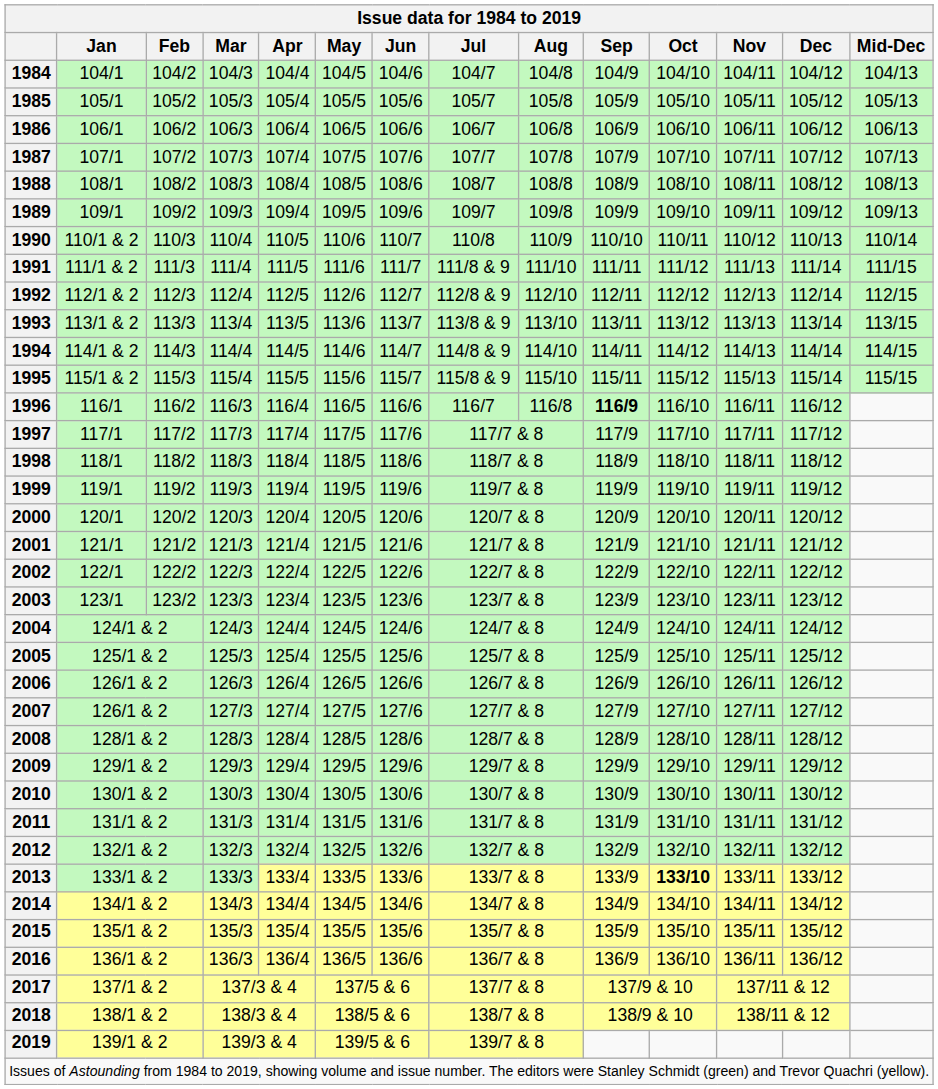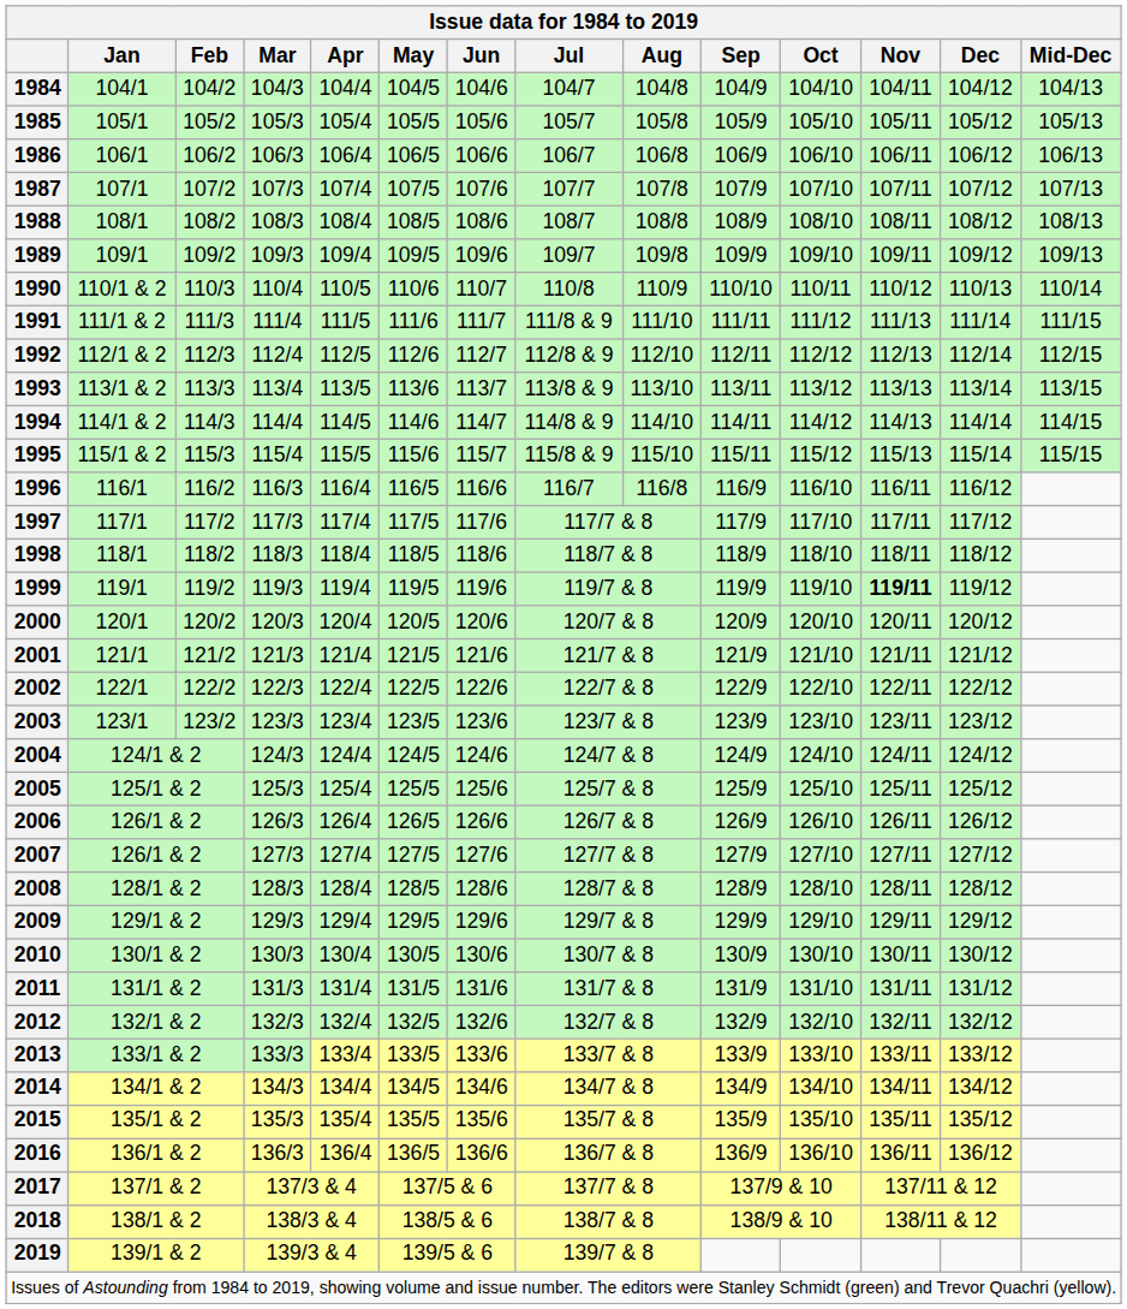 <table class="wikitable collapsible collapsed" style="font-size: 10pt; line-height: 11pt; margin-left: 2em; text-align: center; float: right">
 <tr>
 <th colspan="14">Issue data for 1984 to 2019</th>
 </tr>
 <tr>
 <th></th>
 <th>Jan</th>
 <th>Feb</th>
 <th>Mar</th>
 <th>Apr</th>
 <th>May</th>
 <th>Jun</th>
 <th>Jul</th>
 <th>Aug</th>
 <th>Sep</th>
 <th>Oct</th>
 <th>Nov</th>
 <th>Dec</th>
 <th>Mid-Dec</th>
 </tr>
 <tr>
 <th>1984</th>
 <td style="background:#c3f9bf;">104/1</td>
 <td style="background:#c3f9bf;">104/2</td>
 <td style="background:#c3f9bf;">104/3</td>
 <td style="background:#c3f9bf;">104/4</td>
 <td style="background:#c3f9bf;">104/5</td>
 <td style="background:#c3f9bf;">104/6</td>
 <td style="background:#c3f9bf;">104/7</td>
 <td style="background:#c3f9bf;">104/8</td>
 <td style="background:#c3f9bf;">104/9</td>
 <td style="background:#c3f9bf;">104/10</td>
 <td style="background:#c3f9bf;">104/11</td>
 <td style="background:#c3f9bf;">104/12</td>
 <td style="background:#c3f9bf;">104/13</td>
 </tr>
 <tr>
 <th>1985</th>
 <td style="background:#c3f9bf;">105/1</td>
 <td style="background:#c3f9bf;">105/2</td>
 <td style="background:#c3f9bf;">105/3</td>
 <td style="background:#c3f9bf;">105/4</td>
 <td style="background:#c3f9bf;">105/5</td>
 <td style="background:#c3f9bf;">105/6</td>
 <td style="background:#c3f9bf;">105/7</td>
 <td style="background:#c3f9bf;">105/8</td>
 <td style="background:#c3f9bf;">105/9</td>
 <td style="background:#c3f9bf;">105/10</td>
 <td style="background:#c3f9bf;">105/11</td>
 <td style="background:#c3f9bf;">105/12</td>
 <td style="background:#c3f9bf;">105/13</td>
 </tr>
 <tr>
 <th>1986</th>
 <td style="background:#c3f9bf;">106/1</td>
 <td style="background:#c3f9bf;">106/2</td>
 <td style="background:#c3f9bf;">106/3</td>
 <td style="background:#c3f9bf;">106/4</td>
 <td style="background:#c3f9bf;">106/5</td>
 <td style="background:#c3f9bf;">106/6</td>
 <td style="background:#c3f9bf;">106/7</td>
 <td style="background:#c3f9bf;">106/8</td>
 <td style="background:#c3f9bf;">106/9</td>
 <td style="background:#c3f9bf;">106/10</td>
 <td style="background:#c3f9bf;">106/11</td>
 <td style="background:#c3f9bf;">106/12</td>
 <td style="background:#c3f9bf;">106/13</td>
 </tr>
 <tr>
 <th>1987</th>
 <td style="background:#c3f9bf;">107/1</td>
 <td style="background:#c3f9bf;">107/2</td>
 <td style="background:#c3f9bf;">107/3</td>
 <td style="background:#c3f9bf;">107/4</td>
 <td style="background:#c3f9bf;">107/5</td>
 <td style="background:#c3f9bf;">107/6</td>
 <td style="background:#c3f9bf;">107/7</td>
 <td style="background:#c3f9bf;">107/8</td>
 <td style="background:#c3f9bf;">107/9</td>
 <td style="background:#c3f9bf;">107/10</td>
 <td style="background:#c3f9bf;">107/11</td>
 <td style="background:#c3f9bf;">107/12</td>
 <td style="background:#c3f9bf;">107/13</td>
 </tr>
 <tr>
 <th>1988</th>
 <td style="background:#c3f9bf;">108/1</td>
 <td style="background:#c3f9bf;">108/2</td>
 <td style="background:#c3f9bf;">108/3</td>
 <td style="background:#c3f9bf;">108/4</td>
 <td style="background:#c3f9bf;">108/5</td>
 <td style="background:#c3f9bf;">108/6</td>
 <td style="background:#c3f9bf;">108/7</td>
 <td style="background:#c3f9bf;">108/8</td>
 <td style="background:#c3f9bf;">108/9</td>
 <td style="background:#c3f9bf;">108/10</td>
 <td style="background:#c3f9bf;">108/11</td>
 <td style="background:#c3f9bf;">108/12</td>
 <td style="background:#c3f9bf;">108/13</td>
 </tr>
 <tr>
 <th>1989</th>
 <td style="background:#c3f9bf;">109/1</td>
 <td style="background:#c3f9bf;">109/2</td>
 <td style="background:#c3f9bf;">109/3</td>
 <td style="background:#c3f9bf;">109/4</td>
 <td style="background:#c3f9bf;">109/5</td>
 <td style="background:#c3f9bf;">109/6</td>
 <td style="background:#c3f9bf;">109/7</td>
 <td style="background:#c3f9bf;">109/8</td>
 <td style="background:#c3f9bf;">109/9</td>
 <td style="background:#c3f9bf;">109/10</td>
 <td style="background:#c3f9bf;">109/11</td>
 <td style="background:#c3f9bf;">109/12</td>
 <td style="background:#c3f9bf;">109/13</td>
 </tr>
 <tr>
 <th>1990</th>
 <td style="background:#c3f9bf;">110/1 & 2</td>
 <td style="background:#c3f9bf;">110/3</td>
 <td style="background:#c3f9bf;">110/4</td>
 <td style="background:#c3f9bf;">110/5</td>
 <td style="background:#c3f9bf;">110/6</td>
 <td style="background:#c3f9bf;">110/7</td>
 <td style="background:#c3f9bf;">110/8</td>
 <td style="background:#c3f9bf;">110/9</td>
 <td style="background:#c3f9bf;">110/10</td>
 <td style="background:#c3f9bf;">110/11</td>
 <td style="background:#c3f9bf;">110/12</td>
 <td style="background:#c3f9bf;">110/13</td>
 <td style="background:#c3f9bf;">110/14</td>
 </tr>
 <tr>
 <th>1991</th>
 <td style="background:#c3f9bf;">111/1 & 2</td>
 <td style="background:#c3f9bf;">111/3</td>
 <td style="background:#c3f9bf;">111/4</td>
 <td style="background:#c3f9bf;">111/5</td>
 <td style="background:#c3f9bf;">111/6</td>
 <td style="background:#c3f9bf;">111/7</td>
 <td style="background:#c3f9bf;">111/8 & 9</td>
 <td style="background:#c3f9bf;">111/10</td>
 <td style="background:#c3f9bf;">111/11</td>
 <td style="background:#c3f9bf;">111/12</td>
 <td style="background:#c3f9bf;">111/13</td>
 <td style="background:#c3f9bf;">111/14</td>
 <td style="background:#c3f9bf;">111/15</td>
 </tr>
 <tr>
 <th>1992</th>
 <td style="background:#c3f9bf;">112/1 & 2</td>
 <td style="background:#c3f9bf;">112/3</td>
 <td style="background:#c3f9bf;">112/4</td>
 <td style="background:#c3f9bf;">112/5</td>
 <td style="background:#c3f9bf;">112/6</td>
 <td style="background:#c3f9bf;">112/7</td>
 <td style="background:#c3f9bf;">112/8 & 9</td>
 <td style="background:#c3f9bf;">112/10</td>
 <td style="background:#c3f9bf;">112/11</td>
 <td style="background:#c3f9bf;">112/12</td>
 <td style="background:#c3f9bf;">112/13</td>
 <td style="background:#c3f9bf;">112/14</td>
 <td style="background:#c3f9bf;">112/15</td>
 </tr>
 <tr>
 <th>1993</th>
 <td style="background:#c3f9bf;">113/1 & 2</td>
 <td style="background:#c3f9bf;">113/3</td>
 <td style="background:#c3f9bf;">113/4</td>
 <td style="background:#c3f9bf;">113/5</td>
 <td style="background:#c3f9bf;">113/6</td>
 <td style="background:#c3f9bf;">113/7</td>
 <td style="background:#c3f9bf;">113/8 & 9</td>
 <td style="background:#c3f9bf;">113/10</td>
 <td style="background:#c3f9bf;">113/11</td>
 <td style="background:#c3f9bf;">113/12</td>
 <td style="background:#c3f9bf;">113/13</td>
 <td style="background:#c3f9bf;">113/14</td>
 <td style="background:#c3f9bf;">113/15</td>
 </tr>
 <tr>
 <th>1994</th>
 <td style="background:#c3f9bf;">114/1 & 2</td>
 <td style="background:#c3f9bf;">114/3</td>
 <td style="background:#c3f9bf;">114/4</td>
 <td style="background:#c3f9bf;">114/5</td>
 <td style="background:#c3f9bf;">114/6</td>
 <td style="background:#c3f9bf;">114/7</td>
 <td style="background:#c3f9bf;">114/8 & 9</td>
 <td style="background:#c3f9bf;">114/10</td>
 <td style="background:#c3f9bf;">114/11</td>
 <td style="background:#c3f9bf;">114/12</td>
 <td style="background:#c3f9bf;">114/13</td>
 <td style="background:#c3f9bf;">114/14</td>
 <td style="background:#c3f9bf;">114/15</td>
 </tr>
 <tr>
 <th>1995</th>
 <td style="background:#c3f9bf;">115/1 & 2</td>
 <td style="background:#c3f9bf;">115/3</td>
 <td style="background:#c3f9bf;">115/4</td>
 <td style="background:#c3f9bf;">115/5</td>
 <td style="background:#c3f9bf;">115/6</td>
 <td style="background:#c3f9bf;">115/7</td>
 <td style="background:#c3f9bf;">115/8 & 9</td>
 <td style="background:#c3f9bf;">115/10</td>
 <td style="background:#c3f9bf;">115/11</td>
 <td style="background:#c3f9bf;">115/12</td>
 <td style="background:#c3f9bf;">115/13</td>
 <td style="background:#c3f9bf;">115/14</td>
 <td style="background:#c3f9bf;">115/15</td>
 </tr>
 <tr>
 <th>1996</th>
 <td style="background:#c3f9bf;">116/1</td>
 <td style="background:#c3f9bf;">116/2</td>
 <td style="background:#c3f9bf;">116/3</td>
 <td style="background:#c3f9bf;">116/4</td>
 <td style="background:#c3f9bf;">116/5</td>
 <td style="background:#c3f9bf;">116/6</td>
 <td style="background:#c3f9bf;">116/7</td>
 <td style="background:#c3f9bf;">116/8</td>
-<td style="background:#c3f9bf;"><strong>116/9</strong></td>
+<td style="background:#c3f9bf;">116/9</td>
 <td style="background:#c3f9bf;">116/10</td>
 <td style="background:#c3f9bf;">116/11</td>
 <td style="background:#c3f9bf;">116/12</td>
 <td></td>
 </tr>
 <tr>
 <th>1997</th>
 <td style="background:#c3f9bf;">117/1</td>
 <td style="background:#c3f9bf;">117/2</td>
 <td style="background:#c3f9bf;">117/3</td>
 <td style="background:#c3f9bf;">117/4</td>
 <td style="background:#c3f9bf;">117/5</td>
 <td style="background:#c3f9bf;">117/6</td>
 <td colspan="2" style="background:#c3f9bf;">117/7 & 8</td>
 <td style="background:#c3f9bf;">117/9</td>
 <td style="background:#c3f9bf;">117/10</td>
 <td style="background:#c3f9bf;">117/11</td>
 <td style="background:#c3f9bf;">117/12</td>
 <td></td>
 </tr>
 <tr>
 <th>1998</th>
 <td style="background:#c3f9bf;">118/1</td>
 <td style="background:#c3f9bf;">118/2</td>
 <td style="background:#c3f9bf;">118/3</td>
 <td style="background:#c3f9bf;">118/4</td>
 <td style="background:#c3f9bf;">118/5</td>
 <td style="background:#c3f9bf;">118/6</td>
 <td colspan="2" style="background:#c3f9bf;">118/7 & 8</td>
 <td style="background:#c3f9bf;">118/9</td>
 <td style="background:#c3f9bf;">118/10</td>
 <td style="background:#c3f9bf;">118/11</td>
 <td style="background:#c3f9bf;">118/12</td>
 <td></td>
 </tr>
 <tr>
 <th>1999</th>
 <td style="background:#c3f9bf;">119/1</td>
 <td style="background:#c3f9bf;">119/2</td>
 <td style="background:#c3f9bf;">119/3</td>
 <td style="background:#c3f9bf;">119/4</td>
 <td style="background:#c3f9bf;">119/5</td>
 <td style="background:#c3f9bf;">119/6</td>
 <td colspan="2" style="background:#c3f9bf;">119/7 & 8</td>
 <td style="background:#c3f9bf;">119/9</td>
 <td style="background:#c3f9bf;">119/10</td>
-<td style="background:#c3f9bf;">119/11</td>
+<td style="background:#c3f9bf;"><strong>119/11</strong></td>
 <td style="background:#c3f9bf;">119/12</td>
 <td></td>
 </tr>
 <tr>
 <th>2000</th>
 <td style="background:#c3f9bf;">120/1</td>
 <td style="background:#c3f9bf;">120/2</td>
 <td style="background:#c3f9bf;">120/3</td>
 <td style="background:#c3f9bf;">120/4</td>
 <td style="background:#c3f9bf;">120/5</td>
 <td style="background:#c3f9bf;">120/6</td>
 <td colspan="2" style="background:#c3f9bf;">120/7 & 8</td>
 <td style="background:#c3f9bf;">120/9</td>
 <td style="background:#c3f9bf;">120/10</td>
 <td style="background:#c3f9bf;">120/11</td>
 <td style="background:#c3f9bf;">120/12</td>
 <td></td>
 </tr>
 <tr>
 <th>2001</th>
 <td style="background:#c3f9bf;">121/1</td>
 <td style="background:#c3f9bf;">121/2</td>
 <td style="background:#c3f9bf;">121/3</td>
 <td style="background:#c3f9bf;">121/4</td>
 <td style="background:#c3f9bf;">121/5</td>
 <td style="background:#c3f9bf;">121/6</td>
 <td colspan="2" style="background:#c3f9bf;">121/7 & 8</td>
 <td style="background:#c3f9bf;">121/9</td>
 <td style="background:#c3f9bf;">121/10</td>
 <td style="background:#c3f9bf;">121/11</td>
 <td style="background:#c3f9bf;">121/12</td>
 <td></td>
 </tr>
 <tr>
 <th>2002</th>
 <td style="background:#c3f9bf;">122/1</td>
 <td style="background:#c3f9bf;">122/2</td>
 <td style="background:#c3f9bf;">122/3</td>
 <td style="background:#c3f9bf;">122/4</td>
 <td style="background:#c3f9bf;">122/5</td>
 <td style="background:#c3f9bf;">122/6</td>
 <td colspan="2" style="background:#c3f9bf;">122/7 & 8</td>
 <td style="background:#c3f9bf;">122/9</td>
 <td style="background:#c3f9bf;">122/10</td>
 <td style="background:#c3f9bf;">122/11</td>
 <td style="background:#c3f9bf;">122/12</td>
 <td></td>
 </tr>
 <tr>
 <th>2003</th>
 <td style="background:#c3f9bf;">123/1</td>
 <td style="background:#c3f9bf;">123/2</td>
 <td style="background:#c3f9bf;">123/3</td>
 <td style="background:#c3f9bf;">123/4</td>
 <td style="background:#c3f9bf;">123/5</td>
 <td style="background:#c3f9bf;">123/6</td>
 <td colspan="2" style="background:#c3f9bf;">123/7 & 8</td>
 <td style="background:#c3f9bf;">123/9</td>
 <td style="background:#c3f9bf;">123/10</td>
 <td style="background:#c3f9bf;">123/11</td>
 <td style="background:#c3f9bf;">123/12</td>
 <td></td>
 </tr>
 <tr>
 <th>2004</th>
 <td colspan="2" style="background:#c3f9bf;">124/1 & 2</td>
 <td style="background:#c3f9bf;">124/3</td>
 <td style="background:#c3f9bf;">124/4</td>
 <td style="background:#c3f9bf;">124/5</td>
 <td style="background:#c3f9bf;">124/6</td>
 <td colspan="2" style="background:#c3f9bf;">124/7 & 8</td>
 <td style="background:#c3f9bf;">124/9</td>
 <td style="background:#c3f9bf;">124/10</td>
 <td style="background:#c3f9bf;">124/11</td>
 <td style="background:#c3f9bf;">124/12</td>
 <td></td>
 </tr>
 <tr>
 <th>2005</th>
 <td colspan="2" style="background:#c3f9bf;">125/1 & 2</td>
 <td style="background:#c3f9bf;">125/3</td>
 <td style="background:#c3f9bf;">125/4</td>
 <td style="background:#c3f9bf;">125/5</td>
 <td style="background:#c3f9bf;">125/6</td>
 <td colspan="2" style="background:#c3f9bf;">125/7 & 8</td>
 <td style="background:#c3f9bf;">125/9</td>
 <td style="background:#c3f9bf;">125/10</td>
 <td style="background:#c3f9bf;">125/11</td>
 <td style="background:#c3f9bf;">125/12</td>
 <td></td>
 </tr>
 <tr>
 <th>2006</th>
 <td colspan="2" style="background:#c3f9bf;">126/1 & 2</td>
 <td style="background:#c3f9bf;">126/3</td>
 <td style="background:#c3f9bf;">126/4</td>
 <td style="background:#c3f9bf;">126/5</td>
 <td style="background:#c3f9bf;">126/6</td>
 <td colspan="2" style="background:#c3f9bf;">126/7 & 8</td>
 <td style="background:#c3f9bf;">126/9</td>
 <td style="background:#c3f9bf;">126/10</td>
 <td style="background:#c3f9bf;">126/11</td>
 <td style="background:#c3f9bf;">126/12</td>
 <td></td>
 </tr>
 <tr>
 <th>2007</th>
 <td colspan="2" style="background:#c3f9bf;">126/1 & 2</td>
 <td style="background:#c3f9bf;">127/3</td>
 <td style="background:#c3f9bf;">127/4</td>
 <td style="background:#c3f9bf;">127/5</td>
 <td style="background:#c3f9bf;">127/6</td>
 <td colspan="2" style="background:#c3f9bf;">127/7 & 8</td>
 <td style="background:#c3f9bf;">127/9</td>
 <td style="background:#c3f9bf;">127/10</td>
 <td style="background:#c3f9bf;">127/11</td>
 <td style="background:#c3f9bf;">127/12</td>
 <td></td>
 </tr>
 <tr>
 <th>2008</th>
 <td colspan="2" style="background:#c3f9bf;">128/1 & 2</td>
 <td style="background:#c3f9bf;">128/3</td>
 <td style="background:#c3f9bf;">128/4</td>
 <td style="background:#c3f9bf;">128/5</td>
 <td style="background:#c3f9bf;">128/6</td>
 <td colspan="2" style="background:#c3f9bf;">128/7 & 8</td>
 <td style="background:#c3f9bf;">128/9</td>
 <td style="background:#c3f9bf;">128/10</td>
 <td style="background:#c3f9bf;">128/11</td>
 <td style="background:#c3f9bf;">128/12</td>
 <td></td>
 </tr>
 <tr>
 <th>2009</th>
 <td colspan="2" style="background:#c3f9bf;">129/1 & 2</td>
 <td style="background:#c3f9bf;">129/3</td>
 <td style="background:#c3f9bf;">129/4</td>
 <td style="background:#c3f9bf;">129/5</td>
 <td style="background:#c3f9bf;">129/6</td>
 <td colspan="2" style="background:#c3f9bf;">129/7 & 8</td>
 <td style="background:#c3f9bf;">129/9</td>
 <td style="background:#c3f9bf;">129/10</td>
 <td style="background:#c3f9bf;">129/11</td>
 <td style="background:#c3f9bf;">129/12</td>
 <td></td>
 </tr>
 <tr>
 <th>2010</th>
 <td colspan="2" style="background:#c3f9bf;">130/1 & 2</td>
 <td style="background:#c3f9bf;">130/3</td>
 <td style="background:#c3f9bf;">130/4</td>
 <td style="background:#c3f9bf;">130/5</td>
 <td style="background:#c3f9bf;">130/6</td>
 <td colspan="2" style="background:#c3f9bf;">130/7 & 8</td>
 <td style="background:#c3f9bf;">130/9</td>
 <td style="background:#c3f9bf;">130/10</td>
 <td style="background:#c3f9bf;">130/11</td>
 <td style="background:#c3f9bf;">130/12</td>
 <td></td>
 </tr>
 <tr>
 <th>2011</th>
 <td colspan="2" style="background:#c3f9bf;">131/1 & 2</td>
 <td style="background:#c3f9bf;">131/3</td>
 <td style="background:#c3f9bf;">131/4</td>
 <td style="background:#c3f9bf;">131/5</td>
 <td style="background:#c3f9bf;">131/6</td>
 <td colspan="2" style="background:#c3f9bf;">131/7 & 8</td>
 <td style="background:#c3f9bf;">131/9</td>
 <td style="background:#c3f9bf;">131/10</td>
 <td style="background:#c3f9bf;">131/11</td>
 <td style="background:#c3f9bf;">131/12</td>
 <td></td>
 </tr>
 <tr>
 <th>2012</th>
 <td colspan="2" style="background:#c3f9bf;">132/1 & 2</td>
 <td style="background:#c3f9bf;">132/3</td>
 <td style="background:#c3f9bf;">132/4</td>
 <td style="background:#c3f9bf;">132/5</td>
 <td style="background:#c3f9bf;">132/6</td>
 <td colspan="2" style="background:#c3f9bf;">132/7 & 8</td>
 <td style="background:#c3f9bf;">132/9</td>
 <td style="background:#c3f9bf;">132/10</td>
 <td style="background:#c3f9bf;">132/11</td>
 <td style="background:#c3f9bf;">132/12</td>
 <td></td>
 </tr>
 <tr>
 <th>2013</th>
 <td colspan="2" style="background:#c3f9bf;">133/1 & 2</td>
 <td style="background:#c3f9bf;">133/3</td>
 <td style="background:#ffff99;">133/4</td>
 <td style="background:#ffff99;">133/5</td>
 <td style="background:#ffff99;">133/6</td>
 <td colspan="2" style="background:#ffff99;">133/7 & 8</td>
 <td style="background:#ffff99;">133/9</td>
-<td style="background:#ffff99;"><strong>133/10</strong></td>
+<td style="background:#ffff99;">133/10</td>
 <td style="background:#ffff99;">133/11</td>
 <td style="background:#ffff99;">133/12</td>
 <td></td>
 </tr>
 <tr>
 <th>2014</th>
 <td colspan="2" style="background:#ffff99;">134/1 & 2</td>
 <td style="background:#ffff99;">134/3</td>
 <td style="background:#ffff99;">134/4</td>
 <td style="background:#ffff99;">134/5</td>
 <td style="background:#ffff99;">134/6</td>
 <td colspan="2" style="background:#ffff99;">134/7 & 8</td>
 <td style="background:#ffff99;">134/9</td>
 <td style="background:#ffff99;">134/10</td>
 <td style="background:#ffff99;">134/11</td>
 <td style="background:#ffff99;">134/12</td>
 <td></td>
 </tr>
 <tr>
 <th>2015</th>
 <td colspan="2" style="background:#ffff99;">135/1 & 2</td>
 <td style="background:#ffff99;">135/3</td>
 <td style="background:#ffff99;">135/4</td>
 <td style="background:#ffff99;">135/5</td>
 <td style="background:#ffff99;">135/6</td>
 <td colspan="2" style="background:#ffff99;">135/7 & 8</td>
 <td style="background:#ffff99;">135/9</td>
 <td style="background:#ffff99;">135/10</td>
 <td style="background:#ffff99;">135/11</td>
 <td style="background:#ffff99;">135/12</td>
 <td></td>
 </tr>
 <tr>
 <th>2016</th>
 <td colspan="2" style="background:#ffff99;">136/1 & 2</td>
 <td style="background:#ffff99;">136/3</td>
 <td style="background:#ffff99;">136/4</td>
 <td style="background:#ffff99;">136/5</td>
 <td style="background:#ffff99;">136/6</td>
 <td colspan="2" style="background:#ffff99;">136/7 & 8</td>
 <td style="background:#ffff99;">136/9</td>
 <td style="background:#ffff99;">136/10</td>
 <td style="background:#ffff99;">136/11</td>
 <td style="background:#ffff99;">136/12</td>
 <td></td>
 </tr>
 <tr>
 <th>2017</th>
 <td colspan="2" style="background:#ffff99;">137/1 & 2</td>
 <td colspan="2" style="background:#ffff99;">137/3 & 4</td>
 <td colspan="2" style="background:#ffff99;">137/5 & 6</td>
 <td colspan="2" style="background:#ffff99;">137/7 & 8</td>
 <td colspan="2" style="background:#ffff99;">137/9 & 10</td>
 <td colspan="2" style="background:#ffff99;">137/11 & 12</td>
 <td></td>
 </tr>
 <tr>
 <th>2018</th>
 <td colspan="2" style="background:#ffff99;">138/1 & 2</td>
 <td colspan="2" style="background:#ffff99;">138/3 & 4</td>
 <td colspan="2" style="background:#ffff99;">138/5 & 6</td>
 <td colspan="2" style="background:#ffff99;">138/7 & 8</td>
 <td colspan="2" style="background:#ffff99;">138/9 & 10</td>
 <td colspan="2" style="background:#ffff99;">138/11 & 12</td>
 <td></td>
 </tr>
 <tr>
 <th>2019</th>
 <td colspan="2" style="background:#ffff99;">139/1 & 2</td>
 <td colspan="2" style="background:#ffff99;">139/3 & 4</td>
 <td colspan="2" style="background:#ffff99;">139/5 & 6</td>
 <td colspan="2" style="background:#ffff99;">139/7 & 8</td>
 <td></td>
 <td></td>
 <td></td>
 <td></td>
 <td></td>
 </tr>
 <tr>
 <td colspan="14" style="font-size: 8pt; text-align:left">Issues of <em>Astounding</em> from 1984 to 2019, showing volume and issue number. The editors were Stanley Schmidt (green) and Trevor Quachri (yellow).</td>
 </tr>
 </table>
